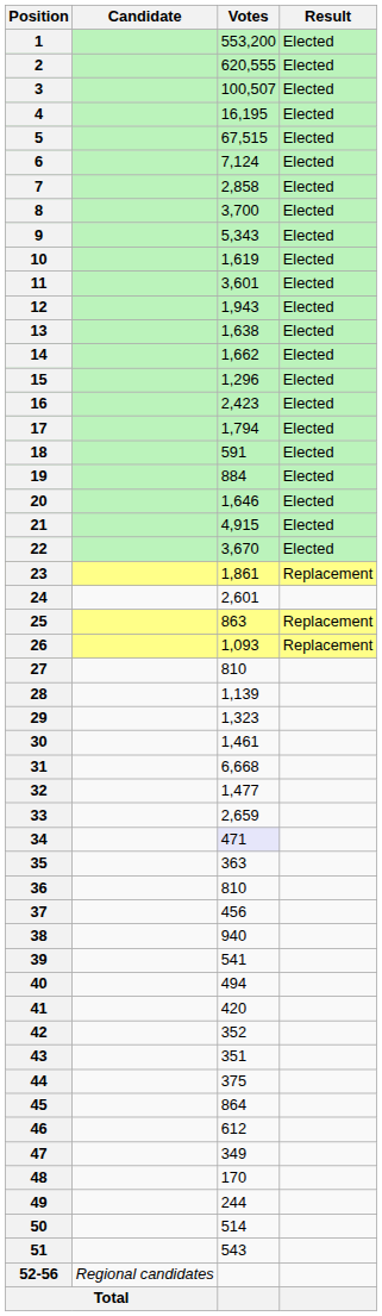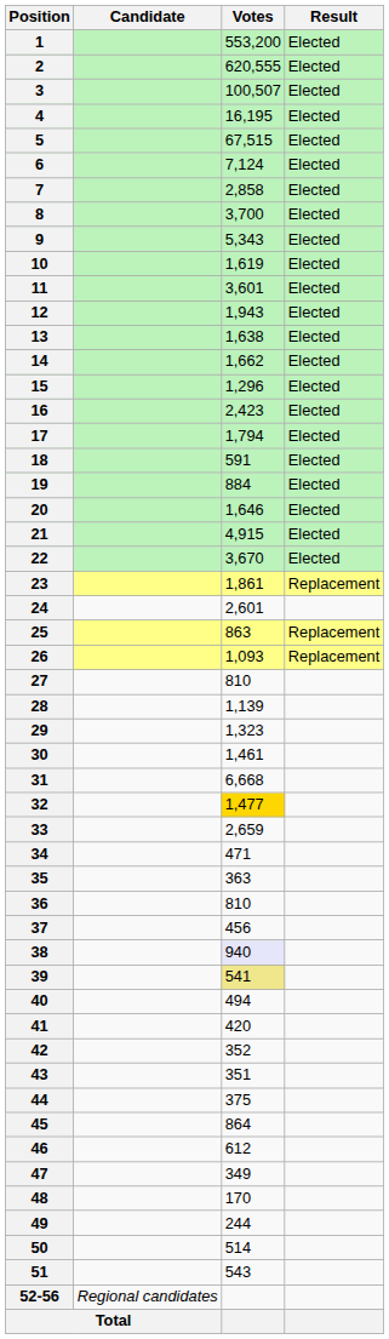 <table class="wikitable sortable col3right">
 <tr>
 <th scope="col">Position</th>
 <th scope="col">Candidate</th>
 <th scope="col">Votes</th>
 <th scope="col">Result</th>
 </tr>
 <tr bgcolor=bbf3bb>
 <th scope="row">1</th>
 <td></td>
 <td>553,200</td>
 <td>Elected</td>
 </tr>
 <tr bgcolor=bbf3bb>
 <th scope="row">2</th>
 <td></td>
 <td>620,555</td>
 <td>Elected</td>
 </tr>
 <tr bgcolor=bbf3bb>
 <th scope="row">3</th>
 <td></td>
 <td>100,507</td>
 <td>Elected</td>
 </tr>
 <tr bgcolor=bbf3bb>
 <th scope="row">4</th>
 <td></td>
 <td>16,195</td>
 <td>Elected</td>
 </tr>
 <tr bgcolor=bbf3bb>
 <th scope="row">5</th>
 <td></td>
 <td>67,515</td>
 <td>Elected</td>
 </tr>
 <tr bgcolor=bbf3bb>
 <th scope="row">6</th>
 <td></td>
 <td>7,124</td>
 <td>Elected</td>
 </tr>
 <tr bgcolor=bbf3bb>
 <th scope="row">7</th>
 <td></td>
 <td>2,858</td>
 <td>Elected</td>
 </tr>
 <tr bgcolor=bbf3bb>
 <th scope="row">8</th>
 <td></td>
 <td>3,700</td>
 <td>Elected</td>
 </tr>
 <tr bgcolor=bbf3bb>
 <th scope="row">9</th>
 <td></td>
 <td>5,343</td>
 <td>Elected</td>
 </tr>
 <tr bgcolor=bbf3bb>
 <th scope="row">10</th>
 <td></td>
 <td>1,619</td>
 <td>Elected</td>
 </tr>
 <tr bgcolor=bbf3bb>
 <th scope="row">11</th>
 <td></td>
 <td>3,601</td>
 <td>Elected</td>
 </tr>
 <tr bgcolor=bbf3bb>
 <th scope="row">12</th>
 <td></td>
 <td>1,943</td>
 <td>Elected</td>
 </tr>
 <tr bgcolor=bbf3bb>
 <th scope="row">13</th>
 <td></td>
 <td>1,638</td>
 <td>Elected</td>
 </tr>
 <tr bgcolor=bbf3bb>
 <th scope="row">14</th>
 <td></td>
 <td>1,662</td>
 <td>Elected</td>
 </tr>
 <tr bgcolor=bbf3bb>
 <th scope="row">15</th>
 <td></td>
 <td>1,296</td>
 <td>Elected</td>
 </tr>
 <tr bgcolor=bbf3bb>
 <th scope="row">16</th>
 <td></td>
 <td>2,423</td>
 <td>Elected</td>
 </tr>
 <tr bgcolor=bbf3bb>
 <th scope="row">17</th>
 <td></td>
 <td>1,794</td>
 <td>Elected</td>
 </tr>
 <tr bgcolor=bbf3bb>
 <th scope="row">18</th>
 <td></td>
 <td>591</td>
 <td>Elected</td>
 </tr>
 <tr bgcolor=bbf3bb>
 <th scope="row">19</th>
 <td></td>
 <td>884</td>
 <td>Elected</td>
 </tr>
 <tr bgcolor=bbf3bb>
 <th scope="row">20</th>
 <td></td>
 <td>1,646</td>
 <td>Elected</td>
 </tr>
 <tr bgcolor=bbf3bb>
 <th scope="row">21</th>
 <td></td>
 <td>4,915</td>
 <td>Elected</td>
 </tr>
 <tr bgcolor=bbf3bb>
 <th scope="row">22</th>
 <td></td>
 <td>3,670</td>
 <td>Elected</td>
 </tr>
 <tr bgcolor=#FF8>
 <th scope="row">23</th>
 <td></td>
 <td>1,861</td>
 <td>Replacement</td>
 </tr>
 <tr>
 <th scope="row">24</th>
 <td></td>
 <td>2,601</td>
 <td></td>
 </tr>
 <tr bgcolor=#FF8>
 <th scope="row">25</th>
 <td></td>
 <td>863</td>
 <td>Replacement</td>
 </tr>
 <tr bgcolor=#FF8>
 <th scope="row">26</th>
 <td></td>
 <td>1,093</td>
 <td>Replacement</td>
 </tr>
 <tr>
 <th scope="row">27</th>
 <td></td>
 <td>810</td>
 <td></td>
 </tr>
 <tr>
 <th scope="row">28</th>
 <td></td>
 <td>1,139</td>
 <td></td>
 </tr>
 <tr>
 <th scope="row">29</th>
 <td></td>
 <td>1,323</td>
 <td></td>
 </tr>
 <tr>
 <th scope="row">30</th>
 <td></td>
 <td>1,461</td>
 <td></td>
 </tr>
 <tr>
 <th scope="row">31</th>
 <td></td>
 <td>6,668</td>
 <td></td>
 </tr>
 <tr>
 <th scope="row">32</th>
 <td></td>
-<td>1,477</td>
+<td style="background: gold;">1,477</td>
 <td></td>
 </tr>
 <tr>
 <th scope="row">33</th>
 <td></td>
 <td>2,659</td>
 <td></td>
 </tr>
 <tr>
 <th scope="row">34</th>
 <td></td>
-<td style="background: lavender;">471</td>
+<td>471</td>
 <td></td>
 </tr>
 <tr>
 <th scope="row">35</th>
 <td></td>
 <td>363</td>
 <td></td>
 </tr>
 <tr>
 <th scope="row">36</th>
 <td></td>
 <td>810</td>
 <td></td>
 </tr>
 <tr>
 <th scope="row">37</th>
 <td></td>
 <td>456</td>
 <td></td>
 </tr>
 <tr>
 <th scope="row">38</th>
 <td></td>
-<td>940</td>
+<td style="background: lavender;">940</td>
 <td></td>
 </tr>
 <tr>
 <th scope="row">39</th>
 <td></td>
-<td>541</td>
+<td style="background: khaki;">541</td>
 <td></td>
 </tr>
 <tr>
 <th scope="row">40</th>
 <td></td>
 <td>494</td>
 <td></td>
 </tr>
 <tr>
 <th scope="row">41</th>
 <td></td>
 <td>420</td>
 <td></td>
 </tr>
 <tr>
 <th scope="row">42</th>
 <td></td>
 <td>352</td>
 <td></td>
 </tr>
 <tr>
 <th scope="row">43</th>
 <td></td>
 <td>351</td>
 <td></td>
 </tr>
 <tr>
 <th scope="row">44</th>
 <td></td>
 <td>375</td>
 <td></td>
 </tr>
 <tr>
 <th scope="row">45</th>
 <td></td>
 <td>864</td>
 <td></td>
 </tr>
 <tr>
 <th scope="row">46</th>
 <td></td>
 <td>612</td>
 <td></td>
 </tr>
 <tr>
 <th scope="row">47</th>
 <td></td>
 <td>349</td>
 <td></td>
 </tr>
 <tr>
 <th scope="row">48</th>
 <td></td>
 <td>170</td>
 <td></td>
 </tr>
 <tr>
 <th scope="row">49</th>
 <td></td>
 <td>244</td>
 <td></td>
 </tr>
 <tr>
 <th scope="row">50</th>
 <td></td>
 <td>514</td>
 <td></td>
 </tr>
 <tr>
 <th scope="row">51</th>
 <td></td>
 <td>543</td>
 <td></td>
 </tr>
 <tr>
 <th scope="row">52-56</th>
 <td><em>Regional candidates</em></td>
 <td></td>
 <td></td>
 </tr>
 <tr class="sortbottom">
 <th scope="row" colspan="2">Total</th>
 <th></th>
 <th></th>
 </tr>
 </table>
